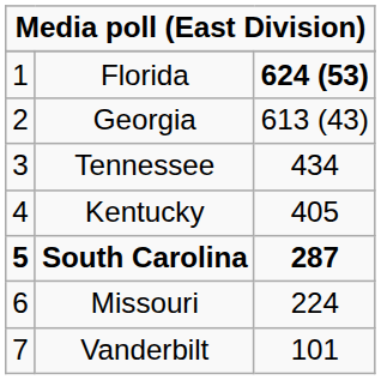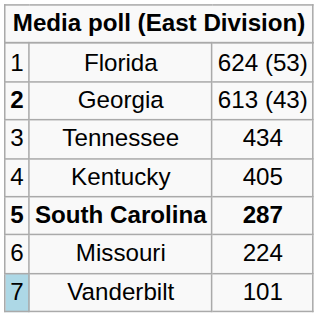 <table class="wikitable" style="display: inline-table;">
 <tr>
 <td align="center" Colspan="3"><strong>Media poll (East Division)</strong></td>
 </tr>
 <tr align="center">
 </tr>
 <tr align="center">
 <td>1</td>
 <td>Florida</td>
-<td><strong>624 (53)</strong></td>
+<td>624 (53)</td>
 </tr>
 <tr align="center">
-<td>2</td>
+<td><strong>2</strong></td>
 <td>Georgia</td>
 <td>613 (43)</td>
 </tr>
 <tr align="center">
 <td>3</td>
 <td>Tennessee</td>
 <td>434</td>
 </tr>
 <tr align="center">
 <td>4</td>
 <td>Kentucky</td>
 <td>405</td>
 </tr>
 <tr align="center">
 <td><strong>5</strong></td>
 <td><strong>South Carolina</strong></td>
 <td><strong>287</strong></td>
 </tr>
 <tr align="center">
 <td>6</td>
 <td>Missouri</td>
 <td>224</td>
 </tr>
 <tr align="center">
-<td>7</td>
+<td style="background: lightblue;">7</td>
 <td>Vanderbilt</td>
 <td>101</td>
 </tr>
 </table>
